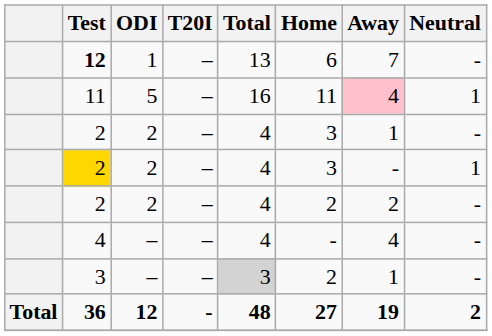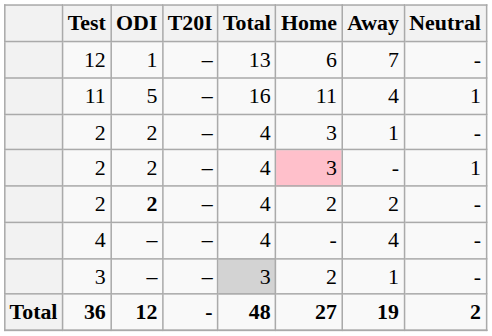 <table class="wikitable" style="font-size:90%; float: right; clear: right; text-align:right; margin-left:15px">
 <tr>
 <th scope="col"></th>
 <th scope="col">Test</th>
 <th scope="col">ODI</th>
 <th scope="cool">T20I</th>
 <th>Total</th>
 <th>Home</th>
 <th>Away</th>
 <th>Neutral</th>
 </tr>
 <tr>
 <th scope="row" style="text-align: left"></th>
-<td><strong>12</strong></td>
+<td>12</td>
 <td>1</td>
 <td>–</td>
 <td>13</td>
 <td>6</td>
 <td>7</td>
 <td>-</td>
 </tr>
 <tr>
 <th scope="row" style="text-align: left"></th>
 <td>11</td>
 <td>5</td>
 <td>–</td>
 <td>16</td>
 <td>11</td>
-<td style="background: pink;">4</td>
+<td>4</td>
 <td>1</td>
 </tr>
 <tr>
 <th scope="row" style="text-align: left"></th>
 <td>2</td>
 <td>2</td>
 <td>–</td>
 <td>4</td>
 <td>3</td>
 <td>1</td>
 <td>-</td>
 </tr>
 <tr>
 <th scope="row" style="text-align: left"></th>
-<td style="background: gold;">2</td>
+<td>2</td>
 <td>2</td>
 <td>–</td>
 <td>4</td>
-<td>3</td>
+<td style="background: pink;">3</td>
 <td>-</td>
 <td>1</td>
 </tr>
 <tr>
 <th scope="row" style="text-align: left"></th>
 <td>2</td>
-<td>2</td>
+<td><strong>2</strong></td>
 <td>–</td>
 <td>4</td>
 <td>2</td>
 <td>2</td>
 <td>-</td>
 </tr>
 <tr>
 <th scope="row" style="text-align: left"></th>
 <td>4</td>
 <td>–</td>
 <td>–</td>
 <td>4</td>
 <td>-</td>
 <td>4</td>
 <td>-</td>
 </tr>
 <tr>
 <th scope="row" style="text-align: left"></th>
 <td>3</td>
 <td>–</td>
 <td>–</td>
 <td style="background: lightgrey;">3</td>
 <td>2</td>
 <td>1</td>
 <td>-</td>
 </tr>
 <tr>
 <th scope="row" style="text-align: center">Total</th>
 <td><strong>36</strong></td>
 <td><strong>12</strong></td>
 <td><strong>-</strong></td>
 <td><strong>48</strong></td>
 <td><strong>27</strong></td>
 <td><strong>19</strong></td>
 <td><strong>2</strong></td>
 </tr>
 <tr>
 </tr>
 </table>
